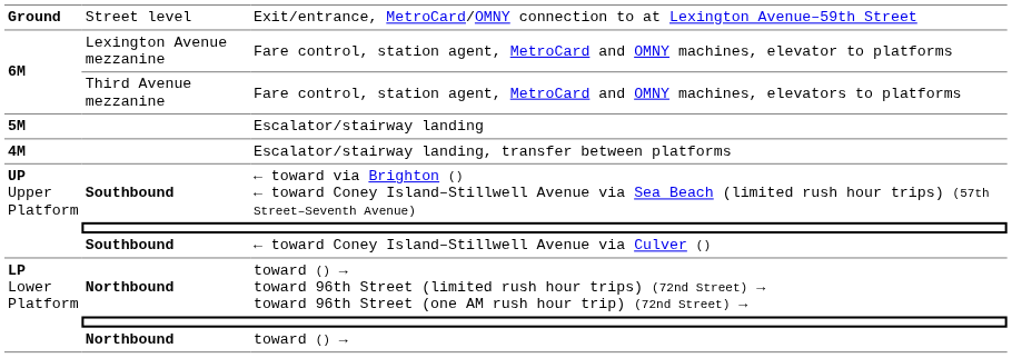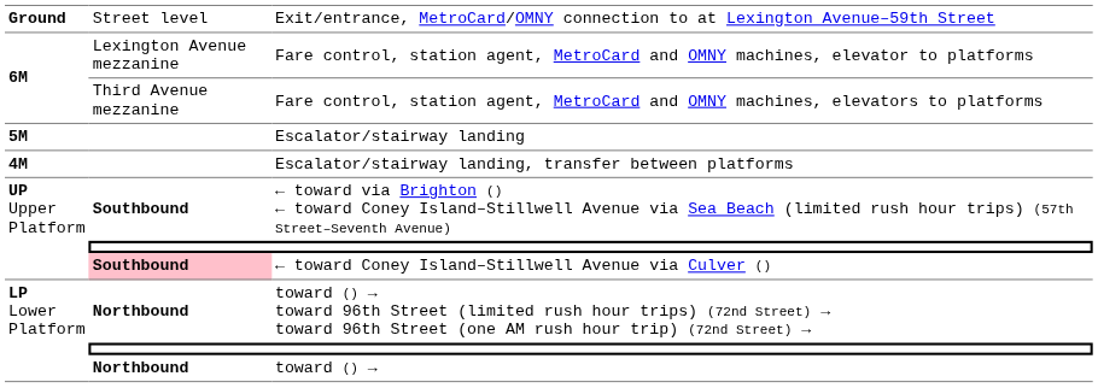 <table border=0 cellspacing=0 cellpadding=3>
 <tr>
 <td style="border-bottom:solid 1px gray;border-top:solid 1px gray;" width=50><strong>Ground</strong></td>
 <td style="border-top:solid 1px gray;border-bottom:solid 1px gray;" width=150>Street level</td>
 <td style="border-top:solid 1px gray;border-bottom:solid 1px gray;" width=725>Exit/entrance, <a href='#'>MetroCard</a>/<a href='#'>OMNY</a> connection to  at <a href='#'>Lexington Avenue–59th Street</a></td>
 </tr>
 <tr>
 <td style="border-bottom:solid 1px gray;" rowspan=2><strong>6M</strong></td>
 <td style="border-bottom:solid 1px gray;">Lexington Avenue mezzanine</td>
 <td style="border-bottom:solid 1px gray;">Fare control, station agent, <a href='#'>MetroCard</a> and <a href='#'>OMNY</a> machines, elevator to platforms<br></td>
 </tr>
 <tr>
 <td style="border-bottom:solid 1px gray;">Third Avenue mezzanine</td>
 <td style="border-bottom:solid 1px gray;">Fare control, station agent, <a href='#'>MetroCard</a> and <a href='#'>OMNY</a> machines, elevators to platforms<br></td>
 </tr>
 <tr>
 <td style="border-bottom:solid 1px gray;"><strong>5M</strong></td>
 <td style="border-bottom:solid 1px gray;"></td>
 <td style="border-bottom:solid 1px gray;">Escalator/stairway landing</td>
 </tr>
 <tr>
 <td style="border-bottom:solid 1px gray;"><strong>4M</strong></td>
 <td style="border-bottom:solid 1px gray;"></td>
 <td style="border-bottom:solid 1px gray;">Escalator/stairway landing, transfer between platforms</td>
 </tr>
 <tr>
 <td style="border-bottom:solid 1px gray;vertical-align:top;" rowspan=3><strong>UP</strong><br>Upper Platform</td>
 <td><span><strong>Southbound</strong></span></td>
 <td>←  toward  via <a href='#'>Brighton</a> <small>()</small><br>←  toward Coney Island–Stillwell Avenue via <a href='#'>Sea Beach</a> (limited rush hour trips) <small>(57th Street–Seventh Avenue)</small></td>
 </tr>
 <tr>
 <td style="border:solid 2px black;text-align:center;" colspan=2></td>
 </tr>
 <tr>
-<td style="border-bottom:solid 1px gray;"><span><strong>Southbound</strong></span></td>
+<td style="background: pink; border-bottom:solid 1px gray;"><span><strong>Southbound</strong></span></td>
 <td style="border-bottom:solid 1px gray;">←   toward Coney Island–Stillwell Avenue via <a href='#'>Culver</a> <small>()</small></td>
 </tr>
 <tr>
 <td style="border-bottom:solid 1px gray;vertical-align:top;" rowspan=3><strong>LP</strong><br>Lower Platform</td>
 <td><span><strong>Northbound</strong></span></td>
 <td>  toward  <small>()</small> →<br>  toward 96th Street (limited rush hour trips) <small>(72nd Street)</small> →<br>  toward 96th Street (one AM rush hour trip) <small>(72nd Street)</small> → <br></td>
 </tr>
 <tr>
 <td style="border:solid 2px black;text-align:center;" colspan=2></td>
 </tr>
 <tr>
 <td style="border-bottom:solid 1px gray;"><span><strong>Northbound</strong></span></td>
 <td style="border-bottom:solid 1px gray;">   toward  <small>()</small> →</td>
 </tr>
 </table>
